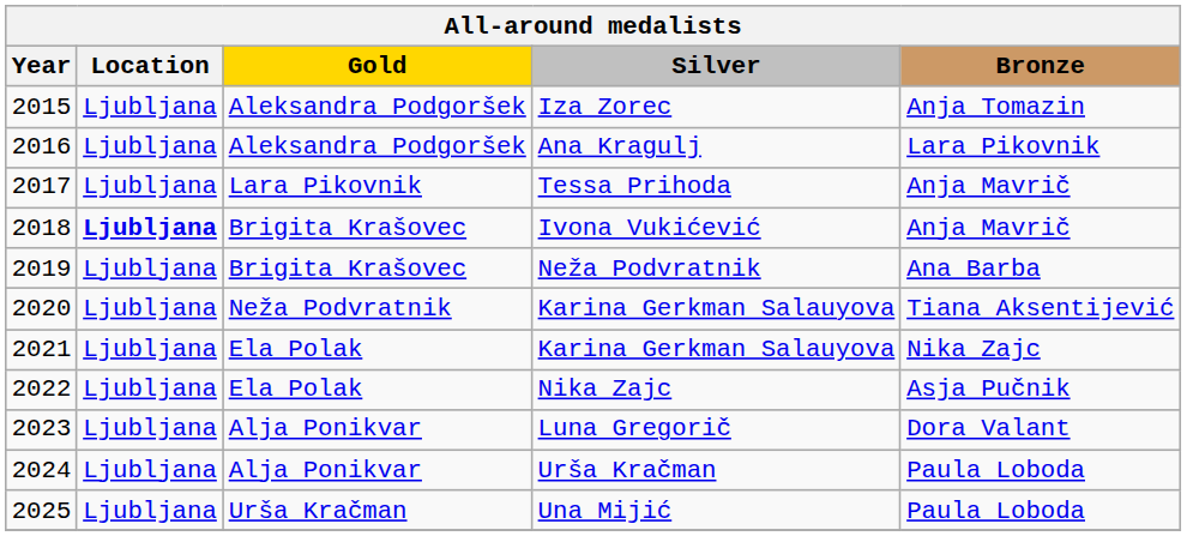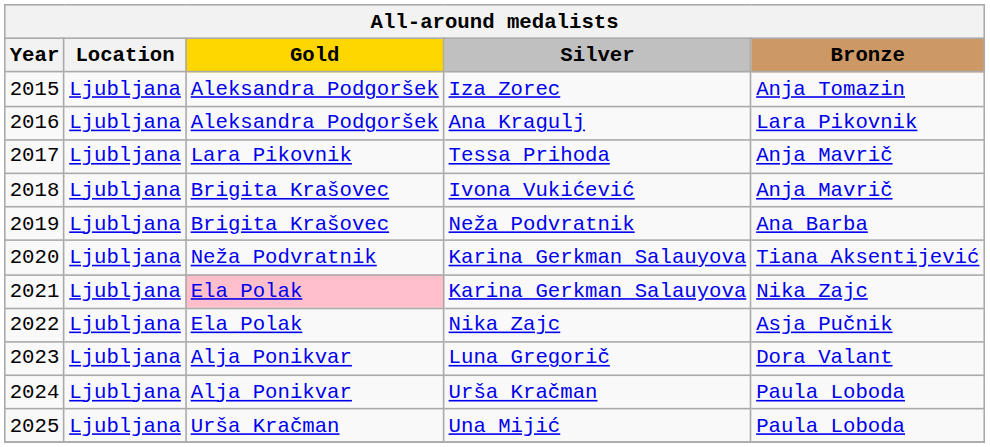 <table class="wikitable">
 <tr>
 <th colspan=7 align=center><strong>All-around medalists</strong></th>
 </tr>
 <tr>
 <th>Year</th>
 <th>Location</th>
 <td align=center bgcolor=gold><strong>Gold</strong></td>
 <td align=center bgcolor=silver><strong>Silver</strong></td>
 <td align=center bgcolor=cc9966><strong>Bronze</strong></td>
 </tr>
 <tr>
 <td>2015</td>
 <td><a href='#'>Ljubljana</a></td>
 <td><a href='#'>Aleksandra Podgoršek</a></td>
 <td><a href='#'>Iza Zorec</a></td>
 <td><a href='#'>Anja Tomazin</a></td>
 </tr>
 <tr>
 <td>2016</td>
 <td><a href='#'>Ljubljana</a></td>
 <td><a href='#'>Aleksandra Podgoršek</a></td>
 <td><a href='#'>Ana Kragulj</a></td>
 <td><a href='#'>Lara Pikovnik</a></td>
 </tr>
 <tr>
 <td>2017</td>
 <td><a href='#'>Ljubljana</a></td>
 <td><a href='#'>Lara Pikovnik</a></td>
 <td><a href='#'>Tessa Prihoda</a></td>
 <td><a href='#'>Anja Mavrič</a></td>
 </tr>
 <tr>
 <td>2018</td>
-<td><strong><a href='#'>Ljubljana</a></strong></td>
+<td><a href='#'>Ljubljana</a></td>
 <td><a href='#'>Brigita Krašovec</a></td>
 <td><a href='#'>Ivona Vukićević</a></td>
 <td><a href='#'>Anja Mavrič</a></td>
 </tr>
 <tr>
 <td>2019</td>
 <td><a href='#'>Ljubljana</a></td>
 <td><a href='#'>Brigita Krašovec</a></td>
 <td><a href='#'>Neža Podvratnik</a></td>
 <td><a href='#'>Ana Barba</a></td>
 </tr>
 <tr>
 <td>2020</td>
 <td><a href='#'>Ljubljana</a></td>
 <td><a href='#'>Neža Podvratnik</a></td>
 <td><a href='#'>Karina Gerkman Salauyova</a></td>
 <td><a href='#'>Tiana Aksentijević</a></td>
 </tr>
 <tr>
 <td>2021</td>
 <td><a href='#'>Ljubljana</a></td>
-<td><a href='#'>Ela Polak</a></td>
+<td style="background: pink;"><a href='#'>Ela Polak</a></td>
 <td><a href='#'>Karina Gerkman Salauyova</a></td>
 <td><a href='#'>Nika Zajc</a></td>
 </tr>
 <tr>
 <td>2022</td>
 <td><a href='#'>Ljubljana</a></td>
 <td><a href='#'>Ela Polak</a></td>
 <td><a href='#'>Nika Zajc</a></td>
 <td><a href='#'>Asja Pučnik</a></td>
 </tr>
 <tr>
 <td>2023</td>
 <td><a href='#'>Ljubljana</a></td>
 <td><a href='#'>Alja Ponikvar</a></td>
 <td><a href='#'>Luna Gregorič</a></td>
 <td><a href='#'>Dora Valant</a></td>
 </tr>
 <tr>
 <td>2024</td>
 <td><a href='#'>Ljubljana</a></td>
 <td><a href='#'>Alja Ponikvar</a></td>
 <td><a href='#'>Urša Kračman</a></td>
 <td><a href='#'>Paula Loboda</a></td>
 </tr>
 <tr>
 <td>2025</td>
 <td><a href='#'>Ljubljana</a></td>
 <td><a href='#'>Urša Kračman</a></td>
 <td><a href='#'>Una Mijić</a></td>
 <td><a href='#'>Paula Loboda</a></td>
 </tr>
 <tr>
 </tr>
 </table>
